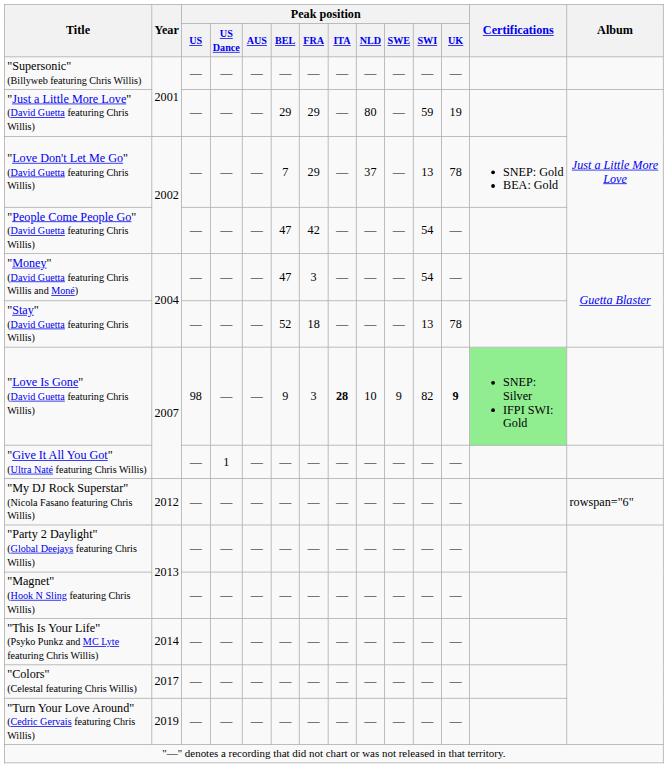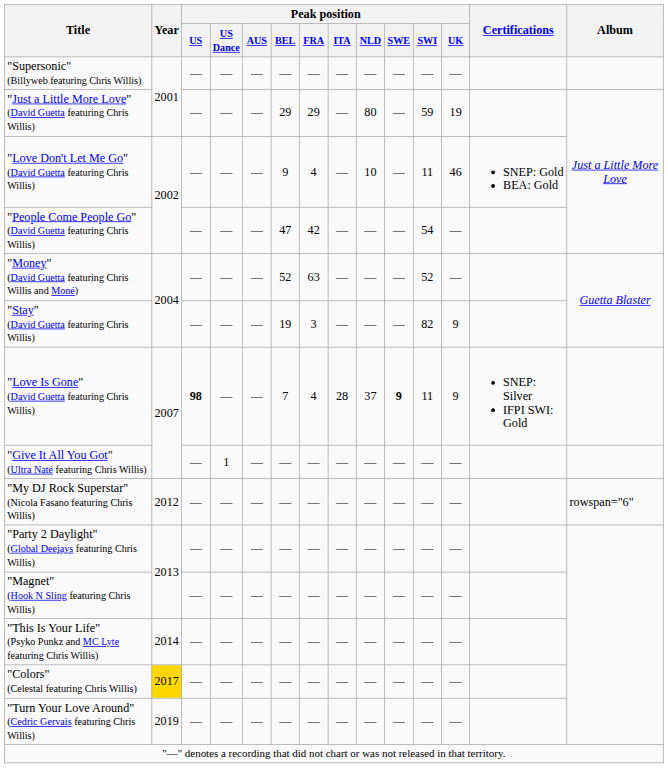 <table class="wikitable">
 <tr>
 <th align="center" rowspan="2">Title</th>
 <th align="center" rowspan="2">Year</th>
 <th align="center" colspan="10">Peak position</th>
 <th align="center" rowspan="2"><a href='#'>Certifications</a></th>
 <th align="center" rowspan="2">Album</th>
 </tr>
 <tr>
 <th width="30"><small><a href='#'>US</a></small></th>
 <th width="30"><small><a href='#'>US<br>Dance</a></small></th>
 <th width="30"><small><a href='#'>AUS</a></small></th>
 <th width="30"><small><a href='#'>BEL</a></small></th>
 <th width="30"><small><a href='#'>FRA</a></small></th>
 <th width="30"><small><a href='#'>ITA</a></small></th>
 <th width="30"><small><a href='#'>NLD</a></small></th>
 <th width="30"><small><a href='#'>SWE</a></small></th>
 <th width="30"><small><a href='#'>SWI</a></small></th>
 <th width="30"><small><a href='#'>UK</a></small></th>
 </tr>
 <tr>
 <td>"Supersonic"<br><small>(Billyweb featuring Chris Willis)</small></td>
 <td align="center" rowspan="2">2001</td>
 <td align="center">—</td>
 <td align="center">—</td>
 <td align="center">—</td>
 <td align="center">—</td>
 <td align="center">—</td>
 <td align="center">—</td>
 <td align="center">—</td>
 <td align="center">—</td>
 <td align="center">—</td>
 <td align="center">—</td>
 <td></td>
 <td></td>
 </tr>
 <tr>
 <td>"<a href='#'>Just a Little More Love</a>"<br><small>(<a href='#'>David Guetta</a> featuring Chris Willis)</small></td>
 <td align="center">—</td>
 <td align="center">—</td>
 <td align="center">—</td>
 <td align="center">29</td>
 <td align="center">29</td>
 <td align="center">—</td>
 <td align="center">80</td>
 <td align="center">—</td>
 <td align="center">59</td>
 <td align="center">19</td>
 <td></td>
 <td rowspan="3" style="text-align:center;"><em><a href='#'>Just a Little More Love</a></em></td>
 </tr>
 <tr>
 <td>"<a href='#'>Love Don't Let Me Go</a>"<br><small>(<a href='#'>David Guetta</a> featuring Chris Willis)</small></td>
 <td align="left" rowspan="2">2002</td>
 <td align="center">—</td>
 <td align="center">—</td>
 <td align="center">—</td>
-<td align="center">7</td>
-<td align="center">29</td>
+<td align="center">9</td>
+<td align="center">4</td>
 <td align="center">—</td>
-<td align="center">37</td>
+<td align="center">10</td>
 <td align="center">—</td>
-<td align="center">13</td>
-<td align="center">78</td>
+<td align="center">11</td>
+<td align="center">46</td>
 <td><br><ul><li>SNEP: Gold</li><li>BEA: Gold</li></ul></td>
 </tr>
 <tr>
 <td>"<a href='#'>People Come People Go</a>"<br><small>(<a href='#'>David Guetta</a> featuring Chris Willis)</small></td>
 <td align="center">—</td>
 <td align="center">—</td>
 <td align="center">—</td>
 <td align="center">47</td>
 <td align="center">42</td>
 <td align="center">—</td>
 <td align="center">—</td>
 <td align="center">—</td>
 <td align="center">54</td>
 <td align="center">—</td>
 <td></td>
 </tr>
 <tr>
 <td>"<a href='#'>Money</a>"<br><small>(<a href='#'>David Guetta</a> featuring Chris Willis and <a href='#'>Moné</a>)</small></td>
 <td align="left" rowspan="2">2004</td>
 <td align="center">—</td>
 <td align="center">—</td>
 <td align="center">—</td>
-<td align="center">47</td>
-<td align="center">3</td>
+<td align="center">52</td>
+<td align="center">63</td>
 <td align="center">—</td>
 <td align="center">—</td>
 <td align="center">—</td>
-<td align="center">54</td>
+<td align="center">52</td>
 <td align="center">—</td>
 <td></td>
 <td rowspan="2" style="text-align:center;"><em><a href='#'>Guetta Blaster</a></em></td>
 </tr>
 <tr>
 <td>"<a href='#'>Stay</a>"<br><small>(<a href='#'>David Guetta</a> featuring Chris Willis)</small></td>
 <td align="center">—</td>
 <td align="center">—</td>
 <td align="center">—</td>
-<td align="center">52</td>
-<td align="center">18</td>
+<td align="center">19</td>
+<td align="center">3</td>
 <td align="center">—</td>
 <td align="center">—</td>
 <td align="center">—</td>
-<td align="center">13</td>
-<td align="center">78</td>
+<td align="center">82</td>
+<td align="center">9</td>
 <td></td>
 </tr>
 <tr>
 <td>"<a href='#'>Love Is Gone</a>"<br><small>(<a href='#'>David Guetta</a> featuring Chris Willis)</small></td>
 <td align="left" rowspan="2">2007</td>
-<td align="center">98</td>
+<td align="center"><strong>98</strong></td>
 <td align="center">—</td>
 <td align="center">—</td>
+<td align="center">7</td>
+<td align="center">4</td>
+<td align="center">28</td>
+<td align="center">37</td>
+<td align="center"><strong>9</strong></td>
+<td align="center">11</td>
 <td align="center">9</td>
-<td align="center">3</td>
-<td align="center"><strong>28</strong></td>
-<td align="center">10</td>
-<td align="center">9</td>
-<td align="center">82</td>
-<td align="center"><strong>9</strong></td>
-<td style="background: lightgreen;"><br><ul><li>SNEP: Silver</li><li>IFPI SWI: Gold</li></ul></td>
+<td><br><ul><li>SNEP: Silver</li><li>IFPI SWI: Gold</li></ul></td>
 <td></td>
 </tr>
 <tr>
 <td>"<a href='#'>Give It All You Got</a>"<br><small>(<a href='#'>Ultra Naté</a> featuring Chris Willis)</small></td>
 <td align="center">—</td>
 <td align="center">1</td>
 <td align="center">—</td>
 <td align="center">—</td>
 <td align="center">—</td>
 <td align="center">—</td>
 <td align="center">—</td>
 <td align="center">—</td>
 <td align="center">—</td>
 <td align="center">—</td>
 <td></td>
 <td></td>
 </tr>
 <tr>
 <td>"My DJ Rock Superstar"<br><small>(Nicola Fasano featuring Chris Willis)</small></td>
 <td>2012</td>
 <td align="center">—</td>
 <td align="center">—</td>
 <td align="center">—</td>
 <td align="center">—</td>
 <td align="center">—</td>
 <td align="center">—</td>
 <td align="center">—</td>
 <td align="center">—</td>
 <td align="center">—</td>
 <td align="center">—</td>
 <td></td>
 <td>rowspan="6" </td>
 </tr>
 <tr>
 <td>"Party 2 Daylight"<br><small>(<a href='#'>Global Deejays</a> featuring Chris Willis)</small></td>
 <td align="left" rowspan="2">2013</td>
 <td align="center">—</td>
 <td align="center">—</td>
 <td align="center">—</td>
 <td align="center">—</td>
 <td align="center">—</td>
 <td align="center">—</td>
 <td align="center">—</td>
 <td align="center">—</td>
 <td align="center">—</td>
 <td align="center">—</td>
 <td></td>
 </tr>
 <tr>
 <td>"Magnet"<br><small>(<a href='#'>Hook N Sling</a> featuring Chris Willis)</small></td>
 <td align="center">—</td>
 <td align="center">—</td>
 <td align="center">—</td>
 <td align="center">—</td>
 <td align="center">—</td>
 <td align="center">—</td>
 <td align="center">—</td>
 <td align="center">—</td>
 <td align="center">—</td>
 <td align="center">—</td>
 <td></td>
 </tr>
 <tr>
 <td>"This Is Your Life" <br><small>(Psyko Punkz and <a href='#'>MC Lyte</a> featuring Chris Willis)</small></td>
 <td align="left">2014</td>
 <td align="center">—</td>
 <td align="center">—</td>
 <td align="center">—</td>
 <td align="center">—</td>
 <td align="center">—</td>
 <td align="center">—</td>
 <td align="center">—</td>
 <td align="center">—</td>
 <td align="center">—</td>
 <td align="center">—</td>
 <td></td>
 </tr>
 <tr>
 <td>"Colors" <br><small>(Celestal featuring Chris Willis)</small></td>
-<td align="left">2017</td>
+<td align="left" style="background: gold;">2017</td>
 <td align="center">—</td>
 <td align="center">—</td>
 <td align="center">—</td>
 <td align="center">—</td>
 <td align="center">—</td>
 <td align="center">—</td>
 <td align="center">—</td>
 <td align="center">—</td>
 <td align="center">—</td>
 <td align="center">—</td>
 <td></td>
 </tr>
 <tr>
 <td>"Turn Your Love Around" <br><small>(<a href='#'>Cedric Gervais</a> featuring Chris Willis)</small></td>
 <td align="left">2019</td>
 <td align="center">—</td>
 <td align="center">—</td>
 <td align="center">—</td>
 <td align="center">—</td>
 <td align="center">—</td>
 <td align="center">—</td>
 <td align="center">—</td>
 <td align="center">—</td>
 <td align="center">—</td>
 <td align="center">—</td>
 <td></td>
 </tr>
 <tr>
 <td colspan="14" style="font-size:90%" align="center">"—" denotes a recording that did not chart or was not released in that territory.</td>
 </tr>
 </table>
